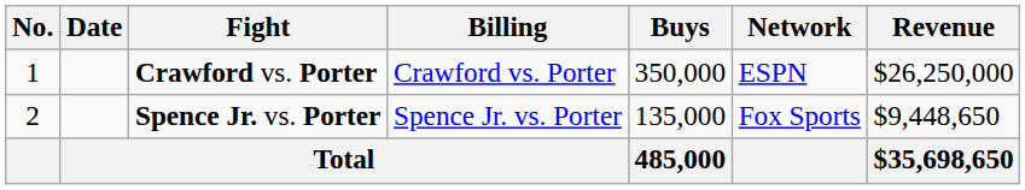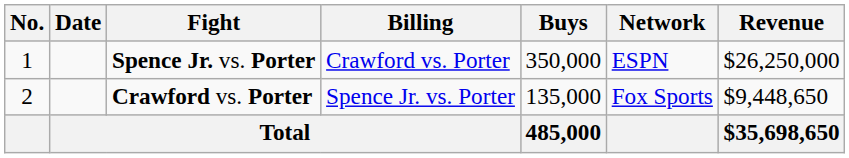 <table class="wikitable">
 <tr>
 <th>No.</th>
 <th>Date</th>
 <th>Fight</th>
 <th>Billing</th>
 <th>Buys</th>
 <th>Network</th>
 <th>Revenue</th>
 </tr>
 <tr>
 <td align=center>1</td>
 <td></td>
-<td><strong>Crawford</strong> vs. <strong>Porter</strong></td>
+<td><strong>Spence Jr.</strong> vs. <strong>Porter</strong></td>
 <td><a href='#'>Crawford vs. Porter</a></td>
 <td>350,000</td>
 <td><a href='#'>ESPN</a></td>
 <td>$26,250,000</td>
 </tr>
 <tr>
 <td align=center>2</td>
 <td></td>
-<td><strong>Spence Jr.</strong> vs. <strong>Porter</strong></td>
+<td><strong>Crawford</strong> vs. <strong>Porter</strong></td>
 <td><a href='#'>Spence Jr. vs. Porter</a></td>
 <td>135,000</td>
 <td><a href='#'>Fox Sports</a></td>
 <td>$9,448,650</td>
 </tr>
 <tr>
 <th></th>
 <th colspan="3">Total</th>
 <th>485,000</th>
 <th></th>
 <th>$35,698,650</th>
 </tr>
 </table>
